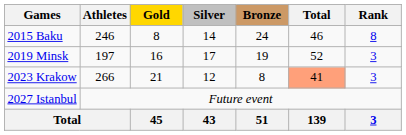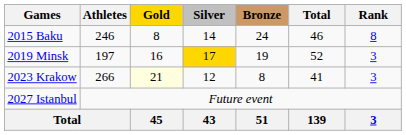 <table class="wikitable" style="text-align:center; font-size:90%;">
 <tr>
 <th>Games</th>
 <th>Athletes</th>
 <td style="background:gold; width:3.7em; font-weight:bold;">Gold</td>
 <td style="background:silver; width:3.7em; font-weight:bold;">Silver</td>
 <td style="background:#cc9966; width:3.7em; font-weight:bold;">Bronze</td>
 <th style="width:4em; font-weight:bold;">Total</th>
 <th style="width:4em; font-weight:bold;">Rank</th>
 </tr>
 <tr>
 <td align=left> <a href='#'>2015 Baku</a></td>
 <td>246</td>
 <td>8</td>
 <td>14</td>
 <td>24</td>
 <td>46</td>
 <td><a href='#'>8</a></td>
 </tr>
 <tr>
 <td align=left> <a href='#'>2019 Minsk</a></td>
 <td>197</td>
 <td>16</td>
-<td>17</td>
+<td style="background: gold;">17</td>
 <td>19</td>
 <td>52</td>
 <td><a href='#'>3</a></td>
 </tr>
 <tr>
 <td align=left> <a href='#'>2023 Krakow</a></td>
 <td>266</td>
-<td>21</td>
+<td style="background: lightyellow;">21</td>
 <td>12</td>
 <td>8</td>
-<td style="background: lightsalmon;">41</td>
+<td>41</td>
 <td><a href='#'>3</a></td>
 </tr>
 <tr>
 <td align=left> <a href='#'>2027 Istanbul</a></td>
 <td colspan=6><em>Future event</em></td>
 </tr>
 <tr>
 <th colspan=2>Total</th>
 <th>45</th>
 <th>43</th>
 <th>51</th>
 <th>139</th>
 <th><a href='#'>3</a></th>
 </tr>
 </table>
